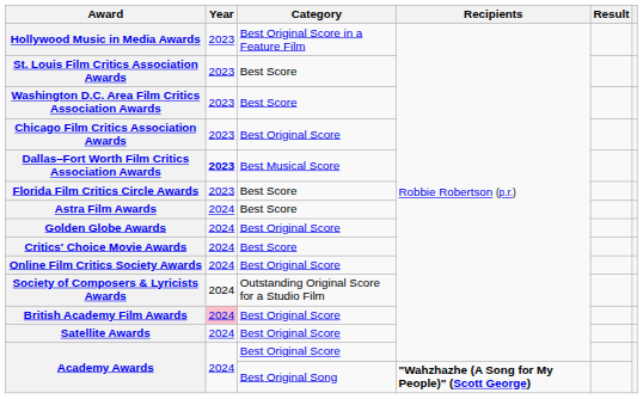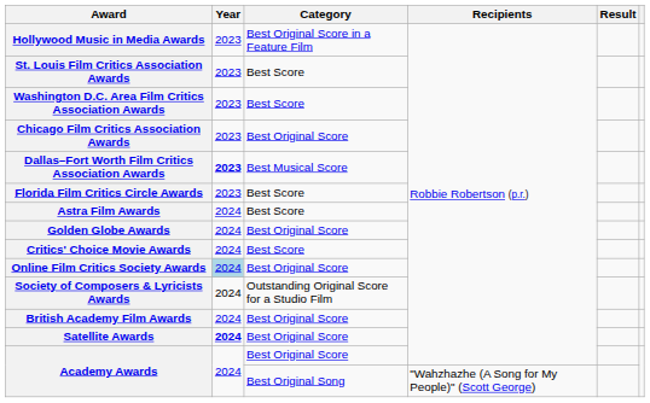 <table class="wikitable sortable plainrowheaders">
 <tr>
 <th scope="col">Award</th>
 <th scope="col">Year</th>
 <th scope="col">Category</th>
 <th>Recipients</th>
 <th scope="col">Result</th>
 <th scope="col" class="unsortable"></th>
 </tr>
 <tr>
 <th scope="row"><a href='#'>Hollywood Music in Media Awards</a></th>
 <td><a href='#'>2023</a></td>
 <td><a href='#'>Best Original Score in a Feature Film</a></td>
 <td rowspan="14"><a href='#'>Robbie Robertson</a> <small>(<a href='#'>p.r.</a>)</small></td>
 <td></td>
 <td></td>
 </tr>
 <tr>
 <th scope="row"><a href='#'>St. Louis Film Critics Association Awards</a></th>
 <td><a href='#'>2023</a></td>
 <td>Best Score</td>
 <td></td>
 <td></td>
 </tr>
 <tr>
 <th scope="row"><a href='#'>Washington D.C. Area Film Critics Association Awards</a></th>
 <td><a href='#'>2023</a></td>
 <td><a href='#'>Best Score</a></td>
 <td></td>
 <td></td>
 </tr>
 <tr>
 <th scope="row"><a href='#'>Chicago Film Critics Association Awards</a></th>
 <td><a href='#'>2023</a></td>
 <td><a href='#'>Best Original Score</a></td>
 <td></td>
 <td></td>
 </tr>
 <tr>
 <th scope="row"><a href='#'>Dallas–Fort Worth Film Critics Association Awards</a></th>
 <td><strong><a href='#'>2023</a></strong></td>
 <td><a href='#'>Best Musical Score</a></td>
 <td></td>
 <td></td>
 </tr>
 <tr>
 <th scope="row"><a href='#'>Florida Film Critics Circle Awards</a></th>
 <td><a href='#'>2023</a></td>
 <td>Best Score</td>
 <td></td>
 <td></td>
 </tr>
 <tr>
 <th scope="row"><a href='#'>Astra Film Awards</a></th>
 <td><a href='#'>2024</a></td>
 <td>Best Score</td>
 <td></td>
 <td></td>
 </tr>
 <tr>
 <th scope="row"><a href='#'>Golden Globe Awards</a></th>
 <td><a href='#'>2024</a></td>
 <td><a href='#'>Best Original Score</a></td>
 <td></td>
 <td></td>
 </tr>
 <tr>
 <th scope="row"><a href='#'>Critics' Choice Movie Awards</a></th>
 <td><a href='#'>2024</a></td>
 <td><a href='#'>Best Score</a></td>
 <td></td>
 <td></td>
 </tr>
 <tr>
 <th scope="row"><a href='#'>Online Film Critics Society Awards</a></th>
-<td><a href='#'>2024</a></td>
+<td style="background: lightblue;"><a href='#'>2024</a></td>
 <td><a href='#'>Best Original Score</a></td>
 <td></td>
 <td></td>
 </tr>
 <tr>
 <th scope="row"><a href='#'>Society of Composers & Lyricists Awards</a></th>
 <td>2024</td>
 <td>Outstanding Original Score for a Studio Film</td>
 <td></td>
 <td></td>
 </tr>
 <tr>
 <th scope="row"><a href='#'>British Academy Film Awards</a></th>
-<td style="background: pink;"><a href='#'>2024</a></td>
+<td><a href='#'>2024</a></td>
 <td><a href='#'>Best Original Score</a></td>
 <td></td>
 <td></td>
 </tr>
 <tr>
 <th scope="row"><a href='#'>Satellite Awards</a></th>
-<td><a href='#'>2024</a></td>
+<td><strong><a href='#'>2024</a></strong></td>
 <td><a href='#'>Best Original Score</a></td>
 <td></td>
 <td></td>
 </tr>
 <tr>
 <th rowspan="2" scope="row"><a href='#'>Academy Awards</a></th>
 <td rowspan="2"><a href='#'>2024</a></td>
 <td><a href='#'>Best Original Score</a></td>
 <td></td>
 <td rowspan="2"></td>
 </tr>
 <tr>
 <td><a href='#'>Best Original Song</a></td>
-<td><strong>"Wahzhazhe (A Song for My People)" (<a href='#'>Scott George</a>)</strong></td>
+<td>"Wahzhazhe (A Song for My People)" (<a href='#'>Scott George</a>)</td>
 <td></td>
 </tr>
 </table>
